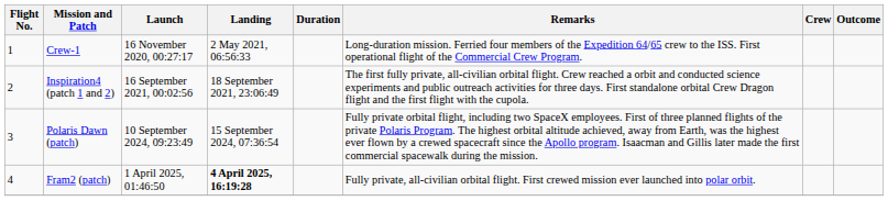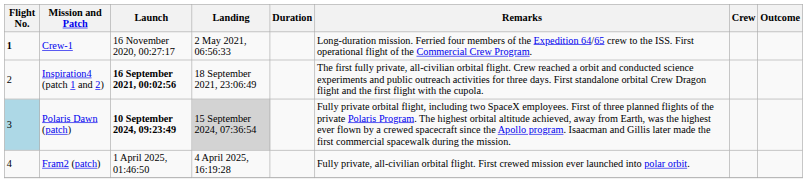 <table class="wikitable sticky-header" style="font-size:0.90">
 <tr>
 <th>Flight No.</th>
 <th>Mission and <a href='#'>Patch</a></th>
 <th>Launch</th>
 <th>Landing</th>
 <th>Duration</th>
 <th>Remarks</th>
 <th>Crew</th>
 <th>Outcome</th>
 </tr>
 <tr>
-<td>1</td>
+<td><strong>1</strong></td>
 <td><a href='#'>Crew-1</a> </td>
 <td>16 November 2020, 00:27:17</td>
 <td>2 May 2021, 06:56:33</td>
 <td></td>
 <td>Long-duration mission. Ferried four members of the <a href='#'>Expedition&nbsp;64</a>/<a href='#'>65</a> crew to the ISS. First operational flight of the <a href='#'>Commercial Crew Program</a>.</td>
 <td></td>
 <td></td>
 </tr>
 <tr>
 <td>2</td>
 <td><a href='#'>Inspiration4</a> (patch <a href='#'>1</a> and <a href='#'>2</a>)</td>
-<td>16 September 2021, 00:02:56</td>
+<td><strong>16 September 2021, 00:02:56</strong></td>
 <td>18 September 2021, 23:06:49</td>
 <td></td>
 <td>The first fully private, all-civilian orbital flight. Crew reached a  orbit and conducted science experiments and public outreach activities for three days. First standalone orbital Crew Dragon flight and the first flight with the cupola.</td>
 <td></td>
 <td></td>
 </tr>
 <tr>
-<td>3</td>
+<td style="background: lightblue;">3</td>
 <td><a href='#'>Polaris Dawn</a> (<a href='#'>patch</a>)</td>
-<td>10 September 2024, 09:23:49</td>
-<td>15 September 2024, 07:36:54</td>
+<td><strong>10 September 2024, 09:23:49</strong></td>
+<td style="background: lightgrey;">15 September 2024, 07:36:54</td>
 <td></td>
 <td>Fully private orbital flight, including two SpaceX employees. First of three planned flights of the private <a href='#'>Polaris Program</a>. The highest orbital altitude achieved,  away from Earth, was the highest ever flown by a crewed spacecraft since the <a href='#'>Apollo program</a>. Isaacman and Gillis later made the first commercial spacewalk during the mission.</td>
 <td></td>
 <td></td>
 </tr>
 <tr>
 <td>4</td>
 <td><a href='#'>Fram2</a> (<a href='#'>patch</a>)</td>
 <td>1 April 2025, 01:46:50</td>
-<td><strong>4 April 2025, 16:19:28</strong></td>
+<td>4 April 2025, 16:19:28</td>
 <td></td>
 <td>Fully private, all-civilian orbital flight. First crewed mission ever launched into <a href='#'>polar orbit</a>.</td>
 <td></td>
 <td></td>
 </tr>
 <tr>
 </tr>
 </table>
